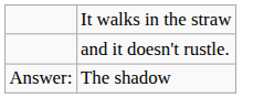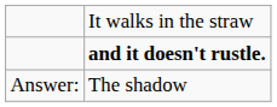 <table class="wikitable">
 <tr>
 <td></td>
 <td>It walks in the straw</td>
 </tr>
 <tr>
 <td></td>
-<td>and it doesn't rustle.</td>
+<td><strong>and it doesn't rustle.</strong></td>
 </tr>
 <tr>
 <td>Answer: </td>
 <td>The shadow</td>
 </tr>
 </table>
